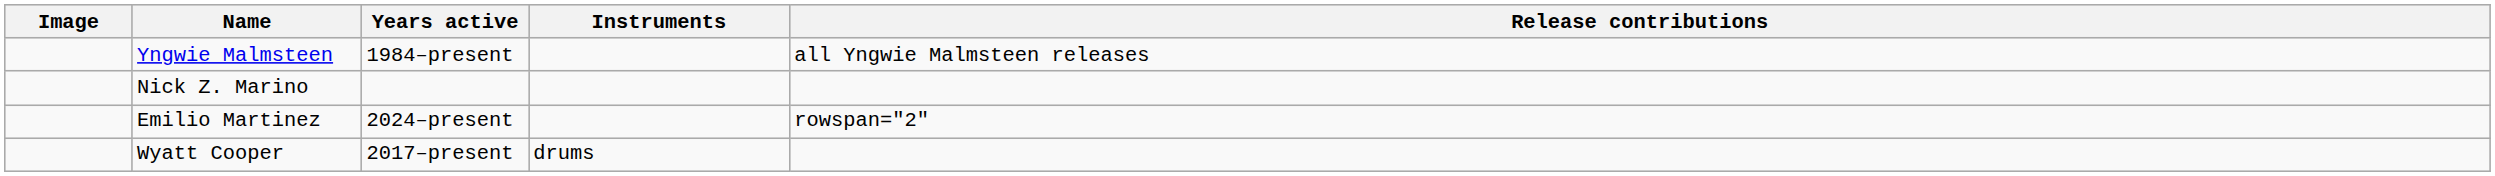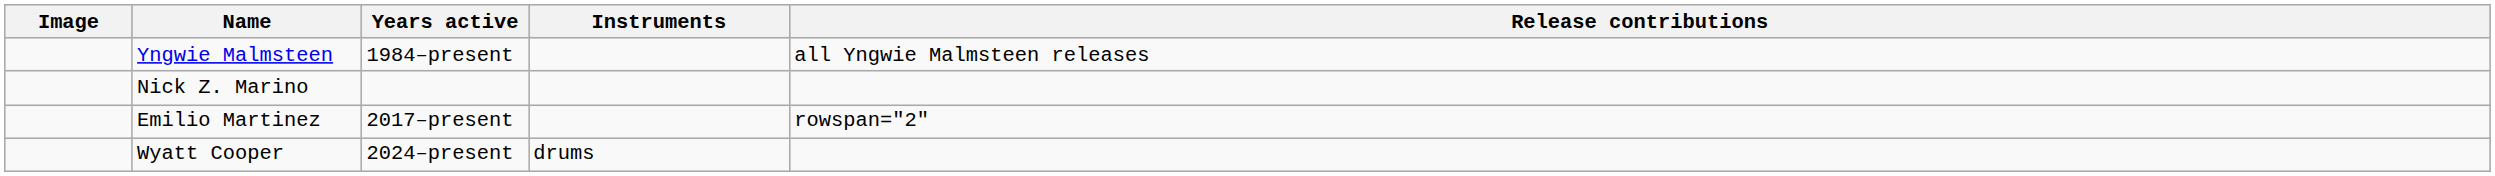 <table class="wikitable" border="1" width=100%>
 <tr>
 <th width="75">Image</th>
 <th width="140">Name</th>
 <th width="100">Years active</th>
 <th width="160">Instruments</th>
 <th>Release contributions</th>
 </tr>
 <tr>
 <td></td>
 <td><a href='#'>Yngwie Malmsteen</a></td>
 <td>1984–present</td>
 <td></td>
 <td>all Yngwie Malmsteen releases</td>
 </tr>
 <tr>
 <td></td>
 <td>Nick Z. Marino</td>
 <td></td>
 <td></td>
 <td></td>
 </tr>
 <tr>
 <td></td>
 <td>Emilio Martinez</td>
-<td>2024–present </td>
+<td>2017–present </td>
 <td></td>
 <td>rowspan="2" </td>
 </tr>
 <tr>
 <td></td>
 <td>Wyatt Cooper</td>
-<td>2017–present </td>
+<td>2024–present </td>
 <td>drums</td>
 </tr>
 </table>
